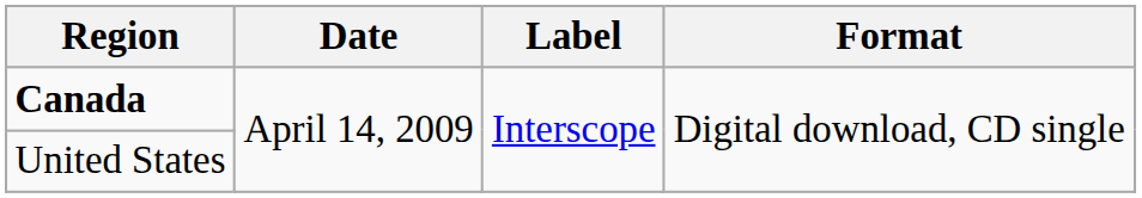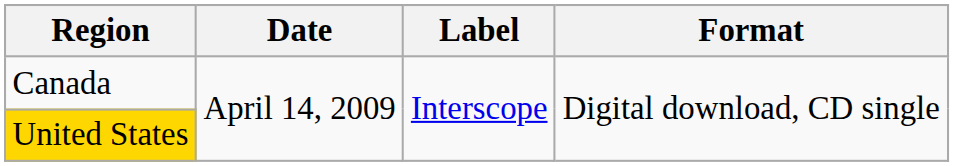 <table class=wikitable>
 <tr>
 <th>Region</th>
 <th>Date</th>
 <th>Label</th>
 <th>Format</th>
 </tr>
 <tr>
-<td><strong>Canada</strong></td>
+<td>Canada</td>
 <td rowspan="2">April 14, 2009</td>
 <td rowspan="2"><a href='#'>Interscope</a></td>
 <td rowspan="2">Digital download, CD single</td>
 </tr>
 <tr>
-<td>United States</td>
+<td style="background: gold;">United States</td>
 </tr>
 </table>
